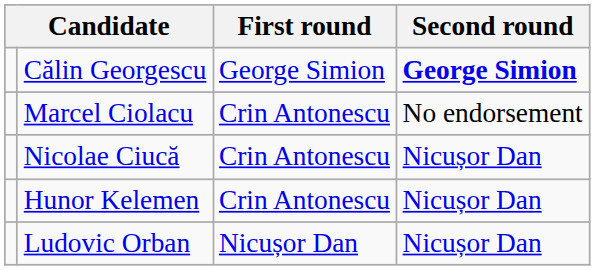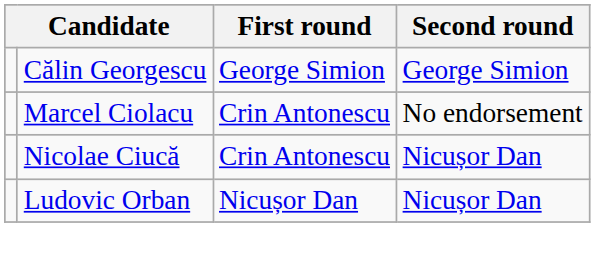 <table class="wikitable sortable">
 <tr>
 <th colspan="2">Candidate</th>
 <th>First round</th>
 <th>Second round</th>
 </tr>
 <tr>
 <td style="background-color: "></td>
 <td><a href='#'>Călin Georgescu</a></td>
 <td><a href='#'>George Simion</a></td>
-<td><strong><a href='#'>George Simion</a></strong></td>
+<td><a href='#'>George Simion</a></td>
 </tr>
 <tr>
 <td style="background-color: "></td>
 <td><a href='#'>Marcel Ciolacu</a></td>
 <td><a href='#'>Crin Antonescu</a></td>
 <td>No endorsement</td>
 </tr>
 <tr>
 <td style="background-color: "></td>
 <td><a href='#'>Nicolae Ciucă</a></td>
 <td><a href='#'>Crin Antonescu</a></td>
 <td><a href='#'>Nicușor Dan</a></td>
 </tr>
 <tr>
 <td style="background-color: "></td>
-<td><a href='#'>Hunor Kelemen</a></td>
-<td><a href='#'>Crin Antonescu</a></td>
-<td><a href='#'>Nicușor Dan</a></td>
-</tr>
-<tr>
-<td style="background-color: "></td>
 <td><a href='#'>Ludovic Orban</a></td>
 <td><a href='#'>Nicușor Dan</a></td>
 <td><a href='#'>Nicușor Dan</a></td>
 </tr>
 </table>
